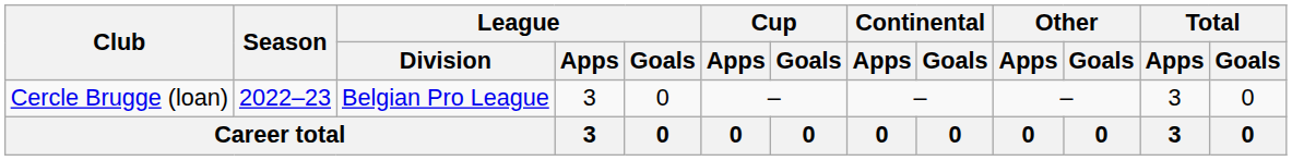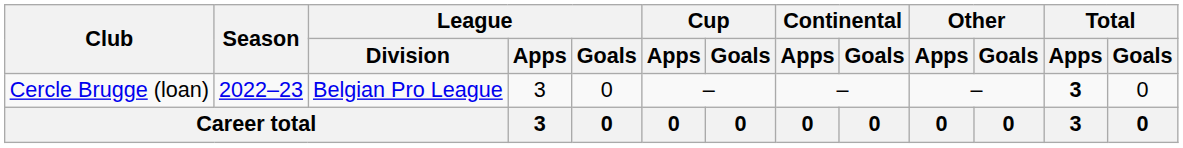 <table class="wikitable" style="text-align: center">
 <tr>
 <th rowspan="2">Club</th>
 <th rowspan="2">Season</th>
 <th colspan="3">League</th>
 <th colspan="2">Cup</th>
 <th colspan="2">Continental</th>
 <th colspan="2">Other</th>
 <th colspan="2">Total</th>
 </tr>
 <tr>
 <th>Division</th>
 <th>Apps</th>
 <th>Goals</th>
 <th>Apps</th>
 <th>Goals</th>
 <th>Apps</th>
 <th>Goals</th>
 <th>Apps</th>
 <th>Goals</th>
 <th>Apps</th>
 <th>Goals</th>
 </tr>
 <tr>
 <td><a href='#'>Cercle Brugge</a> (loan)</td>
 <td><a href='#'>2022–23</a></td>
 <td><a href='#'>Belgian Pro League</a></td>
 <td>3</td>
 <td>0</td>
 <td colspan=2>–</td>
 <td colspan=2>–</td>
 <td colspan=2>–</td>
-<td>3</td>
+<td><strong>3</strong></td>
 <td>0</td>
 </tr>
 <tr>
 <th colspan=3>Career total</th>
 <th>3</th>
 <th>0</th>
 <th>0</th>
 <th>0</th>
 <th>0</th>
 <th>0</th>
 <th>0</th>
 <th>0</th>
 <th>3</th>
 <th>0</th>
 </tr>
 </table>
